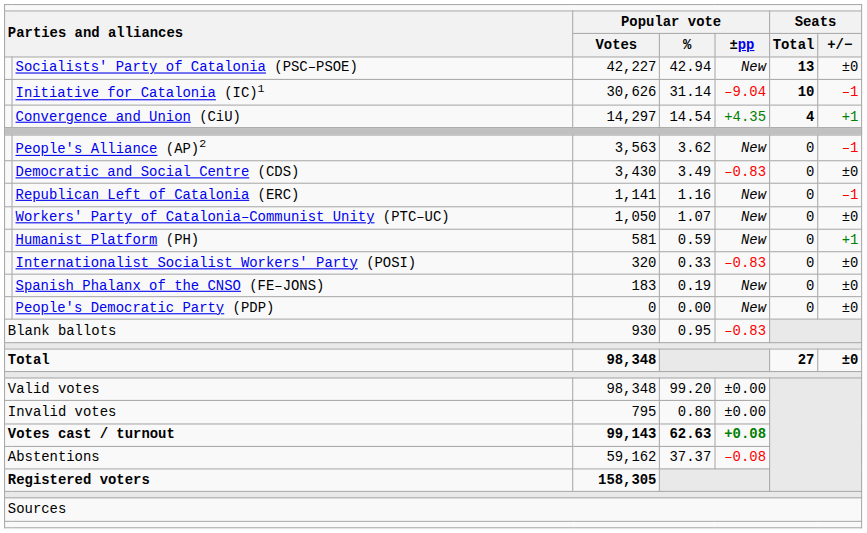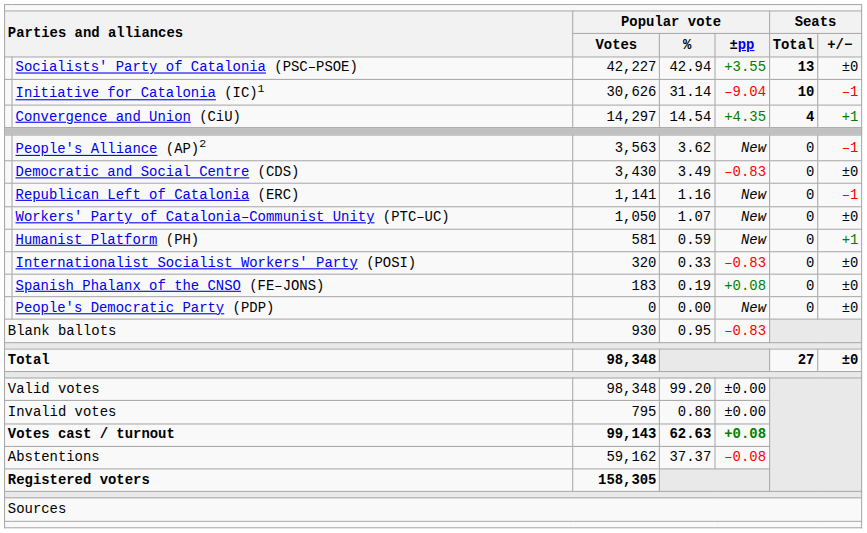 <table class="wikitable" style="text-align:right;">
 <tr>
 <td colspan="7"></td>
 </tr>
 <tr>
 <th style="text-align:left;" rowspan="2" colspan="2" width="525">Parties and alliances</th>
 <th colspan="3">Popular vote</th>
 <th colspan="2">Seats</th>
 </tr>
 <tr>
 <th width="75">Votes</th>
 <th width="45">%</th>
 <th width="45">±<a href='#'>pp</a></th>
 <th width="35">Total</th>
 <th width="35">+/−</th>
 </tr>
 <tr>
 <td width="1" style="color:inherit;background:"></td>
 <td align="left"><a href='#'>Socialists' Party of Catalonia</a> (PSC–PSOE)</td>
 <td>42,227</td>
 <td>42.94</td>
-<td><em>New</em></td>
+<td style="color:green;">+3.55</td>
 <td><strong>13</strong></td>
 <td>±0</td>
 </tr>
 <tr>
 <td style="color:inherit;background:"></td>
 <td align="left"><a href='#'>Initiative for Catalonia</a> (IC)<sup>1</sup></td>
 <td>30,626</td>
 <td>31.14</td>
 <td style="color:red;">–9.04</td>
 <td><strong>10</strong></td>
 <td style="color:red;">–1</td>
 </tr>
 <tr>
 <td style="color:inherit;background:"></td>
 <td align="left"><a href='#'>Convergence and Union</a> (CiU)</td>
 <td>14,297</td>
 <td>14.54</td>
 <td style="color:green;">+4.35</td>
 <td><strong>4</strong></td>
 <td style="color:green;">+1</td>
 </tr>
 <tr>
 <td colspan="7" style="color:inherit;background:#C0C0C0"></td>
 </tr>
 <tr>
 <td style="color:inherit;background:"></td>
 <td align="left"><a href='#'>People's Alliance</a> (AP)<sup>2</sup></td>
 <td>3,563</td>
 <td>3.62</td>
 <td><em>New</em></td>
 <td>0</td>
 <td style="color:red;">–1</td>
 </tr>
 <tr>
 <td style="color:inherit;background:"></td>
 <td align="left"><a href='#'>Democratic and Social Centre</a> (CDS)</td>
 <td>3,430</td>
 <td>3.49</td>
 <td style="color:red;">–0.83</td>
 <td>0</td>
 <td>±0</td>
 </tr>
 <tr>
 <td style="color:inherit;background:"></td>
 <td align="left"><a href='#'>Republican Left of Catalonia</a> (ERC)</td>
 <td>1,141</td>
 <td>1.16</td>
 <td><em>New</em></td>
 <td>0</td>
 <td style="color:red;">–1</td>
 </tr>
 <tr>
 <td style="color:inherit;background:"></td>
 <td align="left"><a href='#'>Workers' Party of Catalonia–Communist Unity</a> (PTC–UC)</td>
 <td>1,050</td>
 <td>1.07</td>
 <td><em>New</em></td>
 <td>0</td>
 <td>±0</td>
 </tr>
 <tr>
 <td style="color:inherit;background:"></td>
 <td align="left"><a href='#'>Humanist Platform</a> (PH)</td>
 <td>581</td>
 <td>0.59</td>
 <td><em>New</em></td>
 <td>0</td>
 <td style="color:green;">+1</td>
 </tr>
 <tr>
 <td style="color:inherit;background:"></td>
 <td align="left"><a href='#'>Internationalist Socialist Workers' Party</a> (POSI)</td>
 <td>320</td>
 <td>0.33</td>
 <td style="color:red;">–0.83</td>
 <td>0</td>
 <td>±0</td>
 </tr>
 <tr>
 <td style="color:inherit;background:"></td>
 <td align="left"><a href='#'>Spanish Phalanx of the CNSO</a> (FE–JONS)</td>
 <td>183</td>
 <td>0.19</td>
-<td><em>New</em></td>
+<td style="color:green;">+0.08</td>
 <td>0</td>
 <td>±0</td>
 </tr>
 <tr>
 <td style="color:inherit;background:"></td>
 <td align="left"><a href='#'>People's Democratic Party</a> (PDP)</td>
 <td>0</td>
 <td>0.00</td>
 <td><em>New</em></td>
 <td>0</td>
 <td>±0</td>
 </tr>
 <tr>
 <td align="left" colspan="2">Blank ballots</td>
 <td>930</td>
 <td>0.95</td>
 <td style="color:red;">–0.83</td>
 <td style="color:inherit;background:#E9E9E9" colspan="2"></td>
 </tr>
 <tr>
 <td colspan="7" style="color:inherit;background:#E9E9E9"></td>
 </tr>
 <tr style="font-weight:bold;">
 <td align="left" colspan="2">Total</td>
 <td>98,348</td>
 <td bgcolor="#E9E9E9" colspan="2"></td>
 <td>27</td>
 <td>±0</td>
 </tr>
 <tr>
 <td colspan="7" style="color:inherit;background:#E9E9E9"></td>
 </tr>
 <tr>
 <td align="left" colspan="2">Valid votes</td>
 <td>98,348</td>
 <td>99.20</td>
 <td>±0.00</td>
 <td bgcolor="#E9E9E9" colspan="2" rowspan="5"></td>
 </tr>
 <tr>
 <td align="left" colspan="2">Invalid votes</td>
 <td>795</td>
 <td>0.80</td>
 <td>±0.00</td>
 </tr>
 <tr style="font-weight:bold;">
 <td align="left" colspan="2">Votes cast / turnout</td>
 <td>99,143</td>
 <td>62.63</td>
 <td style="color:green;">+0.08</td>
 </tr>
 <tr>
 <td align="left" colspan="2">Abstentions</td>
 <td>59,162</td>
 <td>37.37</td>
 <td style="color:red;">–0.08</td>
 </tr>
 <tr style="font-weight:bold;">
 <td align="left" colspan="2">Registered voters</td>
 <td>158,305</td>
 <td bgcolor="#E9E9E9" colspan="2"></td>
 </tr>
 <tr>
 <td colspan="7" style="color:inherit;background:#E9E9E9"></td>
 </tr>
 <tr>
 <td align="left" colspan="7">Sources</td>
 </tr>
 <tr>
 <td colspan="7" style="text-align:left; max-width:790px;"></td>
 </tr>
 </table>
